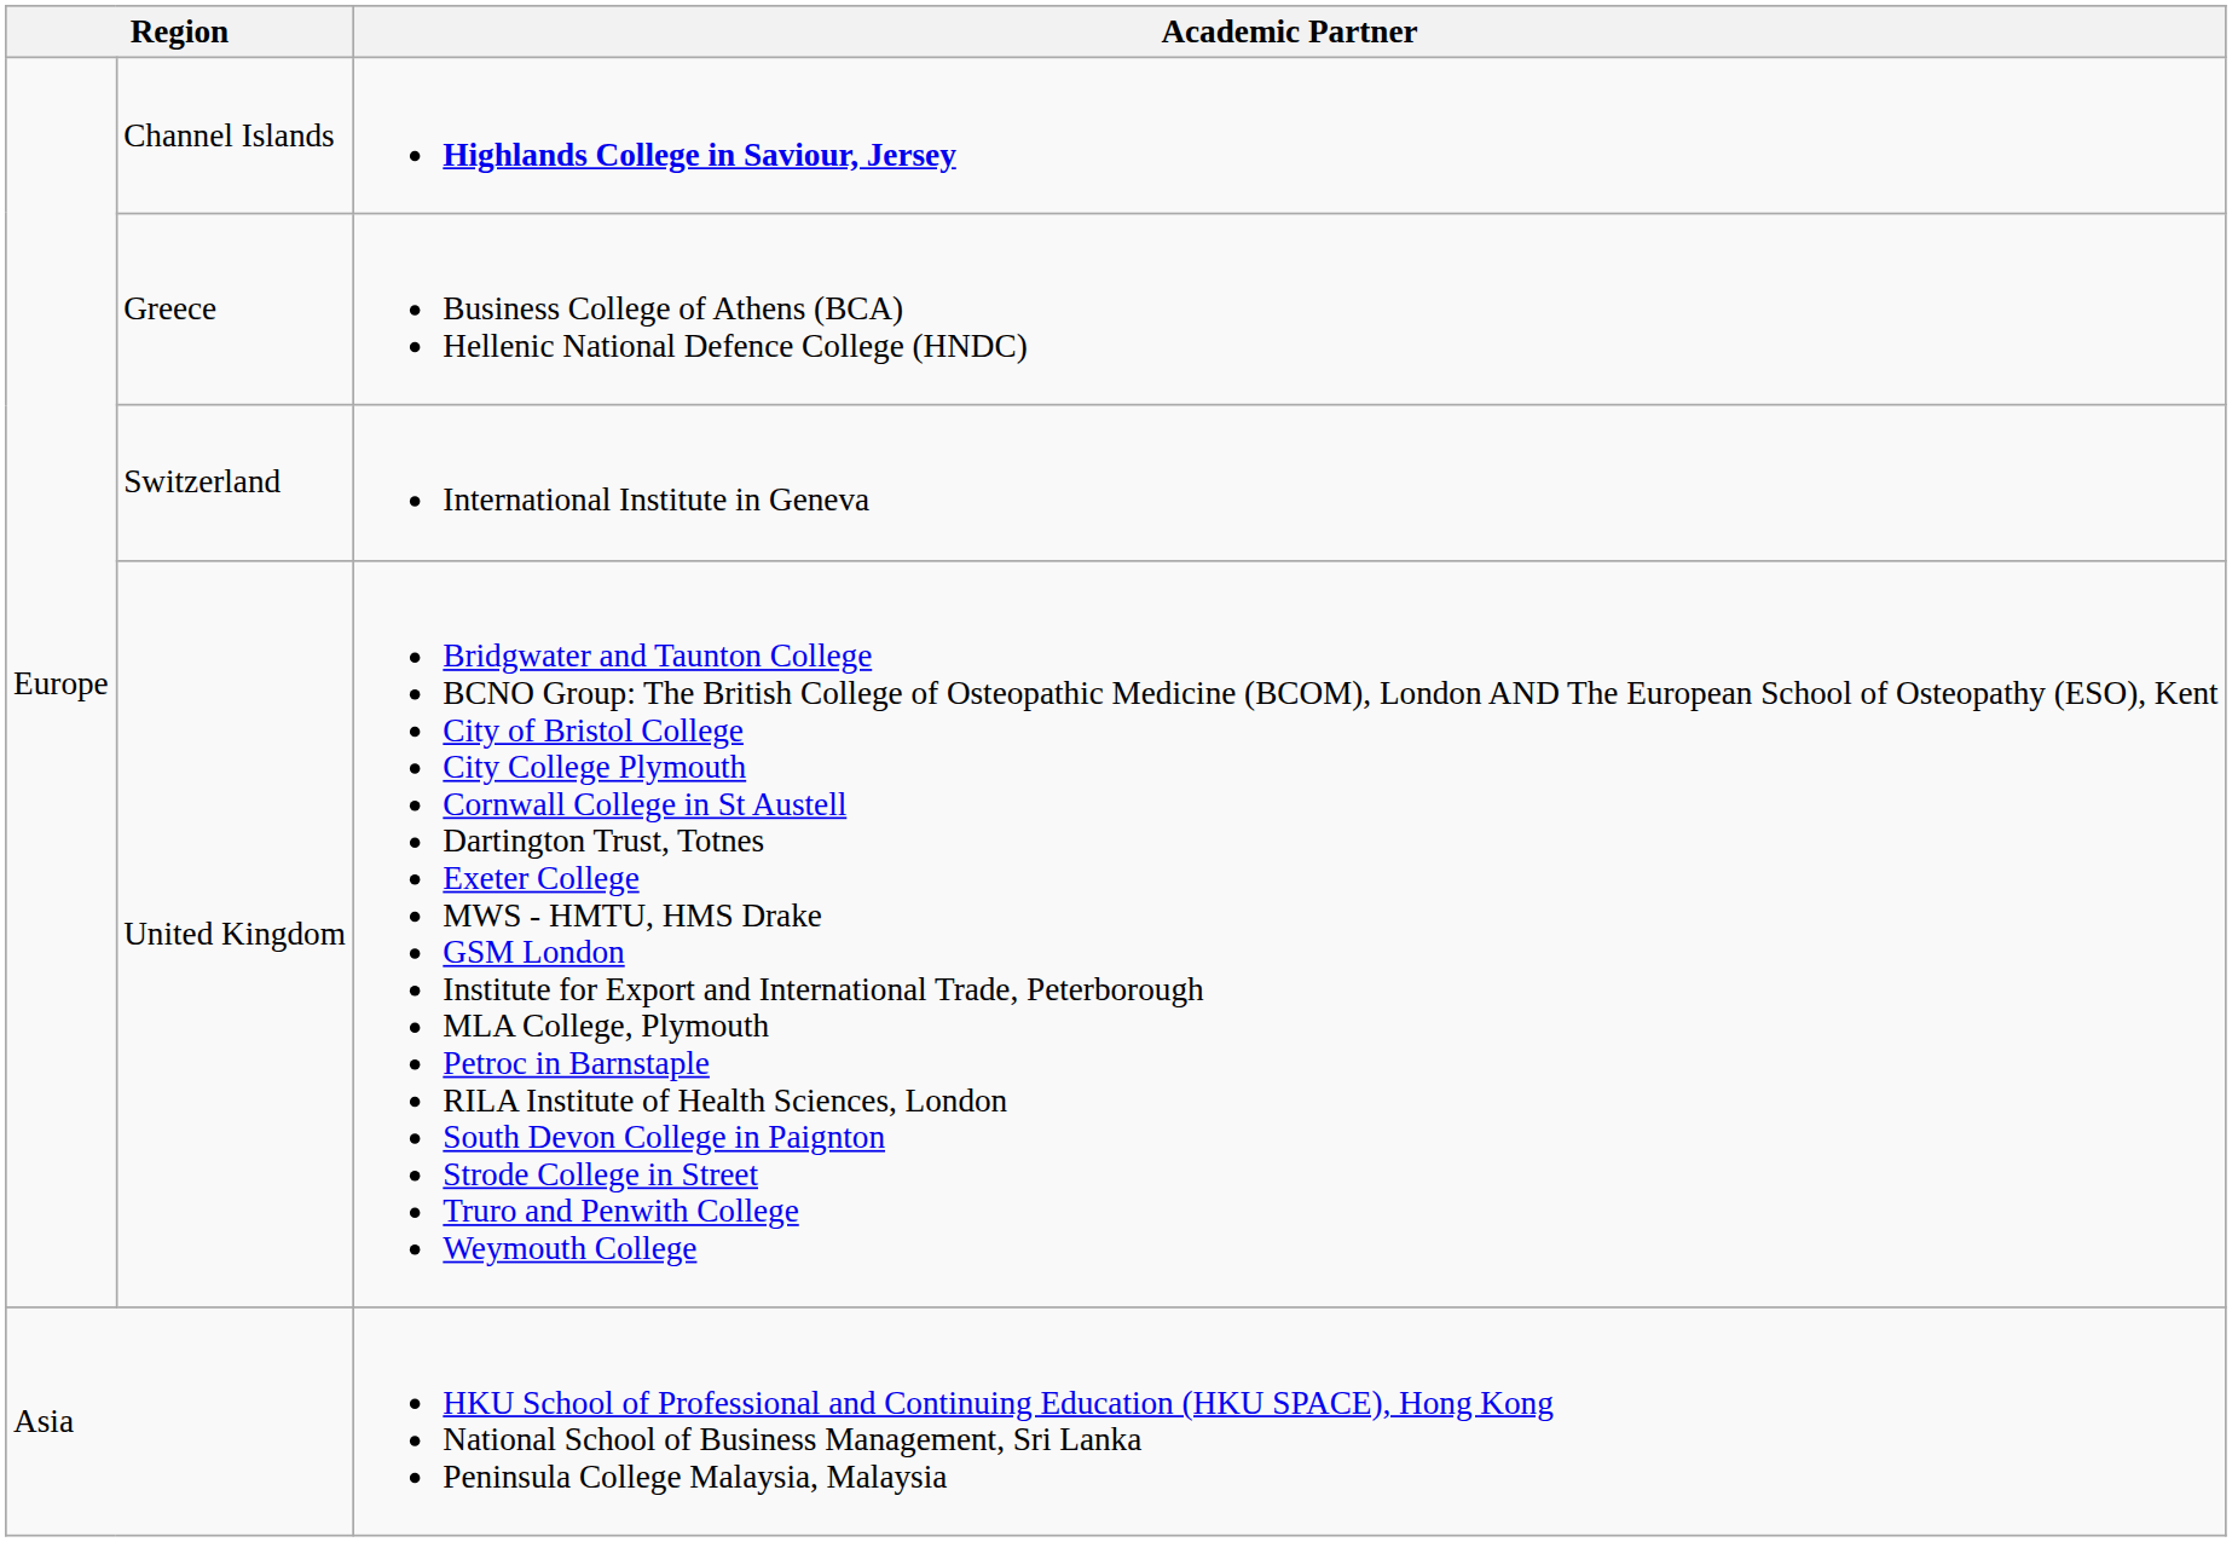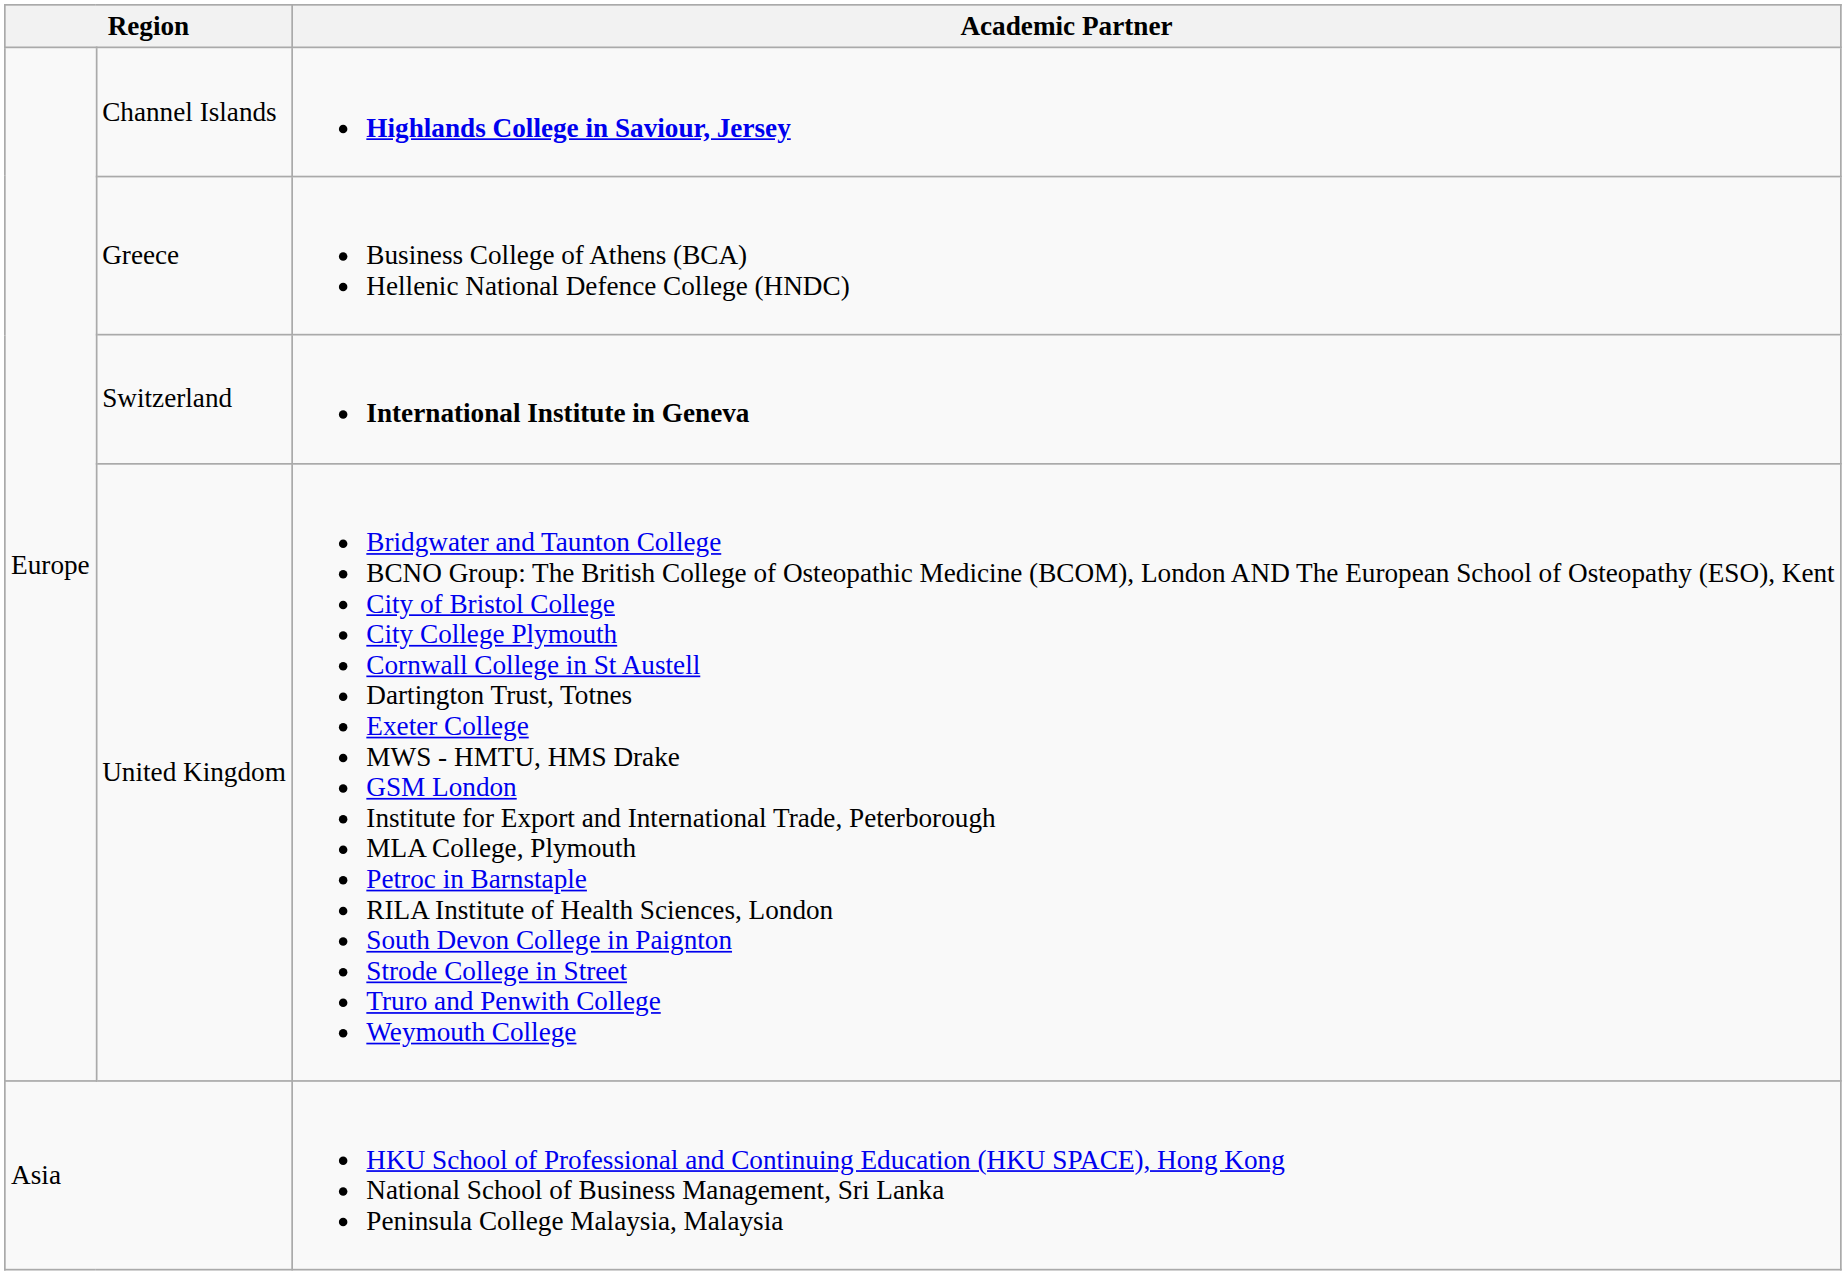 <table class="wikitable">
 <tr>
 <th colspan="2">Region</th>
 <th>Academic Partner</th>
 </tr>
 <tr>
 <td rowspan="4">Europe</td>
 <td>Channel Islands</td>
 <td><strong><br><ul><li><a href='#'>Highlands College in Saviour, Jersey</a></li></ul></strong></td>
 </tr>
 <tr>
 <td>Greece</td>
 <td><br><ul><li>Business College of Athens (BCA)</li><li>Hellenic National Defence College (HNDC)</li></ul></td>
 </tr>
 <tr>
 <td>Switzerland</td>
-<td><br><ul><li>International Institute in Geneva</li></ul></td>
+<td><strong><br><ul><li>International Institute in Geneva</li></ul></strong></td>
 </tr>
 <tr>
 <td>United Kingdom</td>
 <td><br><ul><li><a href='#'>Bridgwater and Taunton College</a></li><li>BCNO Group: The British College of Osteopathic Medicine (BCOM), London AND The European School of Osteopathy (ESO), Kent</li><li><a href='#'>City of Bristol College</a></li><li><a href='#'>City College Plymouth</a></li><li><a href='#'>Cornwall College in St Austell</a></li><li>Dartington Trust, Totnes</li><li><a href='#'>Exeter College</a></li><li>MWS - HMTU, HMS Drake</li><li><a href='#'>GSM London</a></li><li>Institute for Export and International Trade, Peterborough</li><li>MLA College, Plymouth</li><li><a href='#'>Petroc in Barnstaple</a></li><li>RILA Institute of Health Sciences, London</li><li><a href='#'>South Devon College in Paignton</a></li><li><a href='#'>Strode College in Street</a></li><li><a href='#'>Truro and Penwith College</a></li><li><a href='#'>Weymouth College</a></li></ul></td>
 </tr>
 <tr>
 <td colspan="2">Asia</td>
 <td><br><ul><li><a href='#'>HKU School of Professional and Continuing Education (HKU SPACE), Hong Kong</a></li><li>National School of Business Management, Sri Lanka</li><li>Peninsula College Malaysia, Malaysia</li></ul></td>
 </tr>
 </table>
